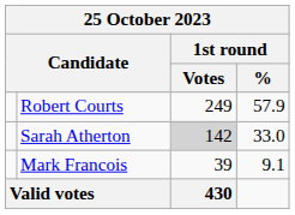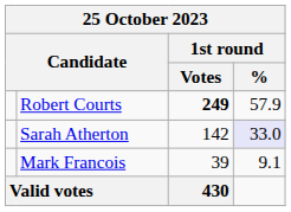 <table class="wikitable" style="min-width:250px;">
 <tr>
 <th colspan="4">25 October 2023</th>
 </tr>
 <tr>
 <th colspan="2" rowspan="2">Candidate</th>
 <th colspan="2">1st round</th>
 </tr>
 <tr>
 <th>Votes</th>
 <th>%</th>
 </tr>
 <tr>
 <td style="color:inherit;background-color: "></td>
 <td><a href='#'>Robert Courts</a></td>
-<td align="right">249</td>
+<td align="right"><strong>249</strong></td>
 <td align="right">57.9</td>
 </tr>
 <tr>
 <td style="color:inherit;background-color: "></td>
 <td><a href='#'>Sarah Atherton</a></td>
-<td align="right" style="background: lightgrey;">142</td>
-<td align="right">33.0</td>
+<td align="right">142</td>
+<td align="right" style="background: lavender;">33.0</td>
 </tr>
 <tr>
 <td style="color:inherit;background-color: "></td>
 <td><a href='#'>Mark Francois</a></td>
 <td align="right">39</td>
 <td align="right">9.1</td>
 </tr>
 <tr>
 <th style="text-align:left;" colspan="2"><strong>Valid votes</strong></th>
 <th style="text-align:right;">430</th>
 </tr>
 </table>
